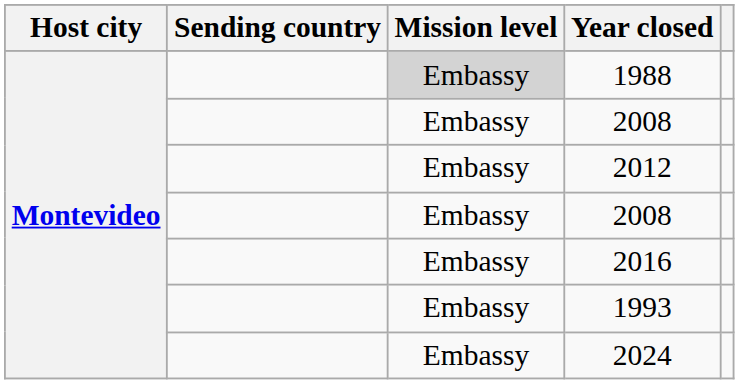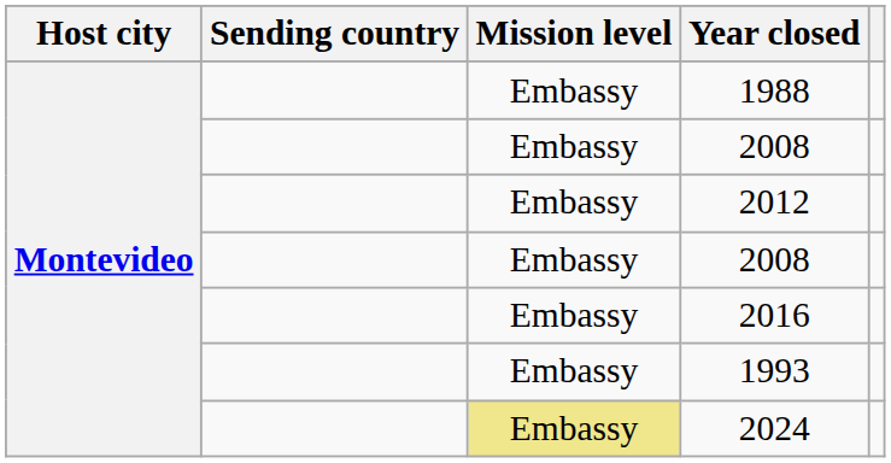 <table class="wikitable plainrowheaders">
 <tr>
 <th scope="col">Host city</th>
 <th scope="col">Sending country</th>
 <th scope="col">Mission level</th>
 <th scope="col">Year closed</th>
 <th scope="col"></th>
 </tr>
 <tr>
 <th rowspan="7"><a href='#'>Montevideo</a></th>
 <td></td>
-<td style="background: lightgrey; text-align:center;">Embassy</td>
+<td style="text-align:center;">Embassy</td>
 <td style="text-align:center;">1988</td>
 <td style="text-align:center;"></td>
 </tr>
 <tr>
 <td></td>
 <td style="text-align:center;">Embassy</td>
 <td style="text-align:center;">2008</td>
 <td style="text-align:center;"></td>
 </tr>
 <tr>
 <td></td>
 <td style="text-align:center;">Embassy</td>
 <td style="text-align:center;">2012</td>
 <td style="text-align:center;"></td>
 </tr>
 <tr>
 <td></td>
 <td style="text-align:center;">Embassy</td>
 <td style="text-align:center;">2008</td>
 <td style="text-align:center;"></td>
 </tr>
 <tr>
 <td></td>
 <td style="text-align:center;">Embassy</td>
 <td style="text-align:center;">2016</td>
 <td style="text-align:center;"></td>
 </tr>
 <tr>
 <td></td>
 <td style="text-align:center;">Embassy</td>
 <td style="text-align:center;">1993</td>
 <td style="text-align:center;"></td>
 </tr>
 <tr>
 <td></td>
-<td style="text-align:center;">Embassy</td>
+<td style="background: khaki; text-align:center;">Embassy</td>
 <td style="text-align:center;">2024</td>
 <td style="text-align:center;"></td>
 </tr>
 </table>
